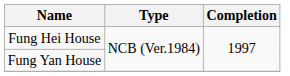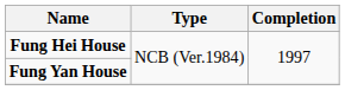 <table class="wikitable" style="text-align: center">
 <tr>
 <th>Name</th>
 <th>Type</th>
 <th>Completion</th>
 </tr>
 <tr>
-<td>Fung Hei House</td>
+<td><strong>Fung Hei House</strong></td>
 <td rowspan="2">NCB (Ver.1984)</td>
 <td rowspan="2">1997</td>
 </tr>
 <tr>
-<td>Fung Yan House</td>
+<td><strong>Fung Yan House</strong></td>
 </tr>
 <tr>
 </tr>
 </table>
